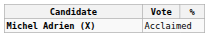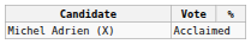 <table class="wikitable">
 <tr>
 <th bgcolor="#DDDDFF" width="200px">Candidate</th>
 <th bgcolor="#DDDDFF" width="50px">Vote</th>
 <th bgcolor="#DDDDFF" width="30px">%</th>
 </tr>
 <tr>
-<td><strong>Michel Adrien (X)</strong></td>
+<td>Michel Adrien (X)</td>
 <td colspan="2">Acclaimed</td>
 </tr>
 </table>
